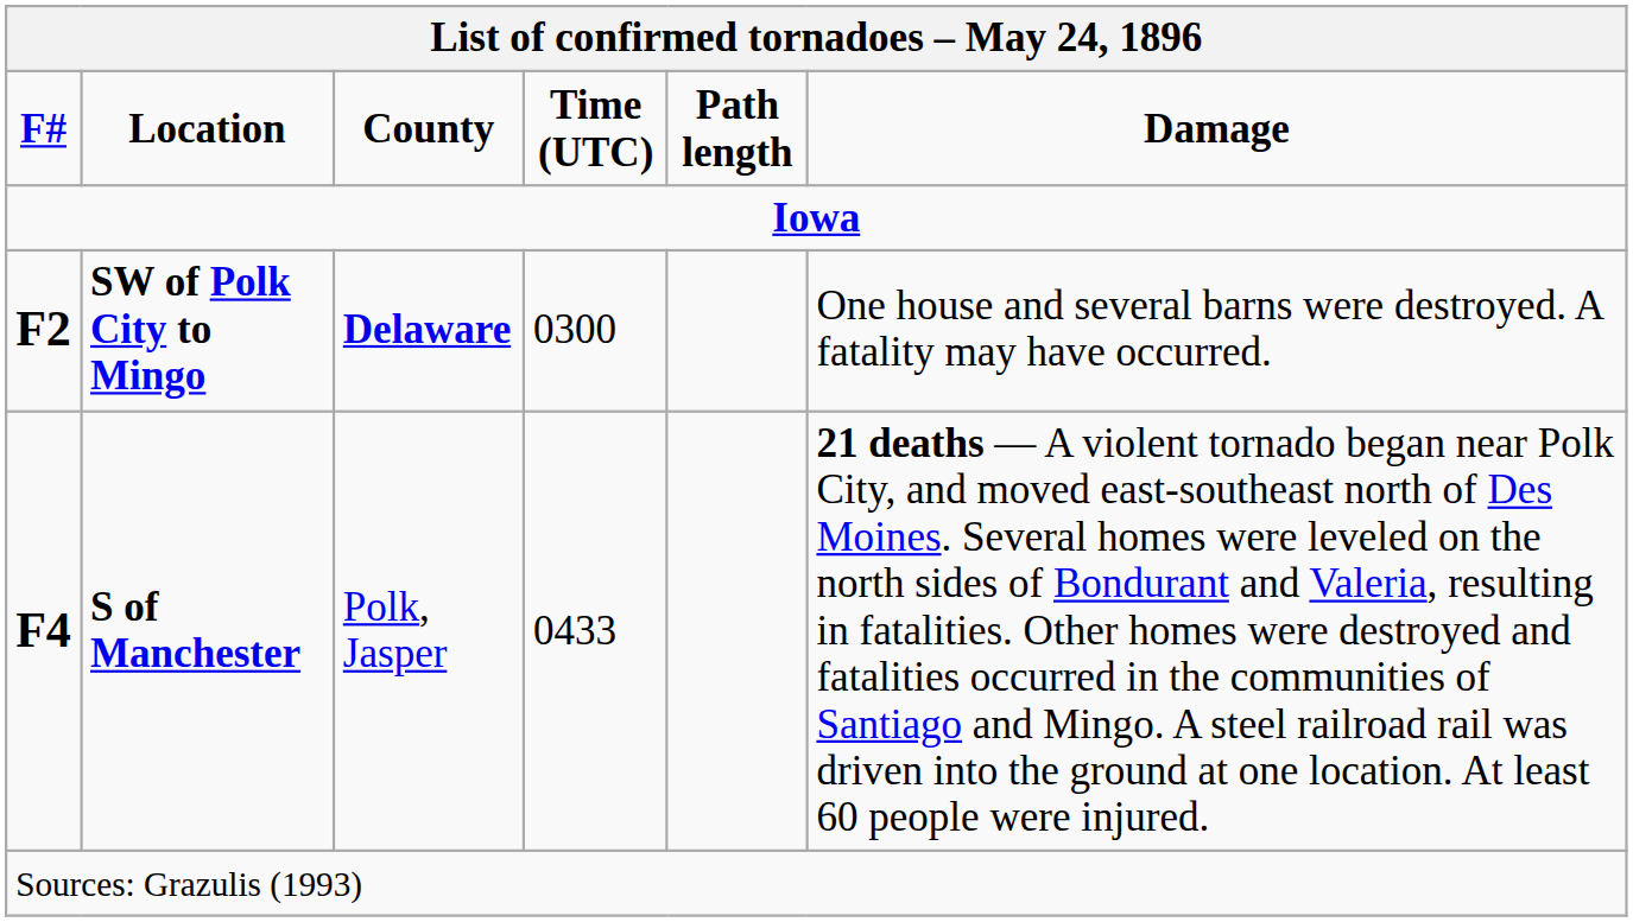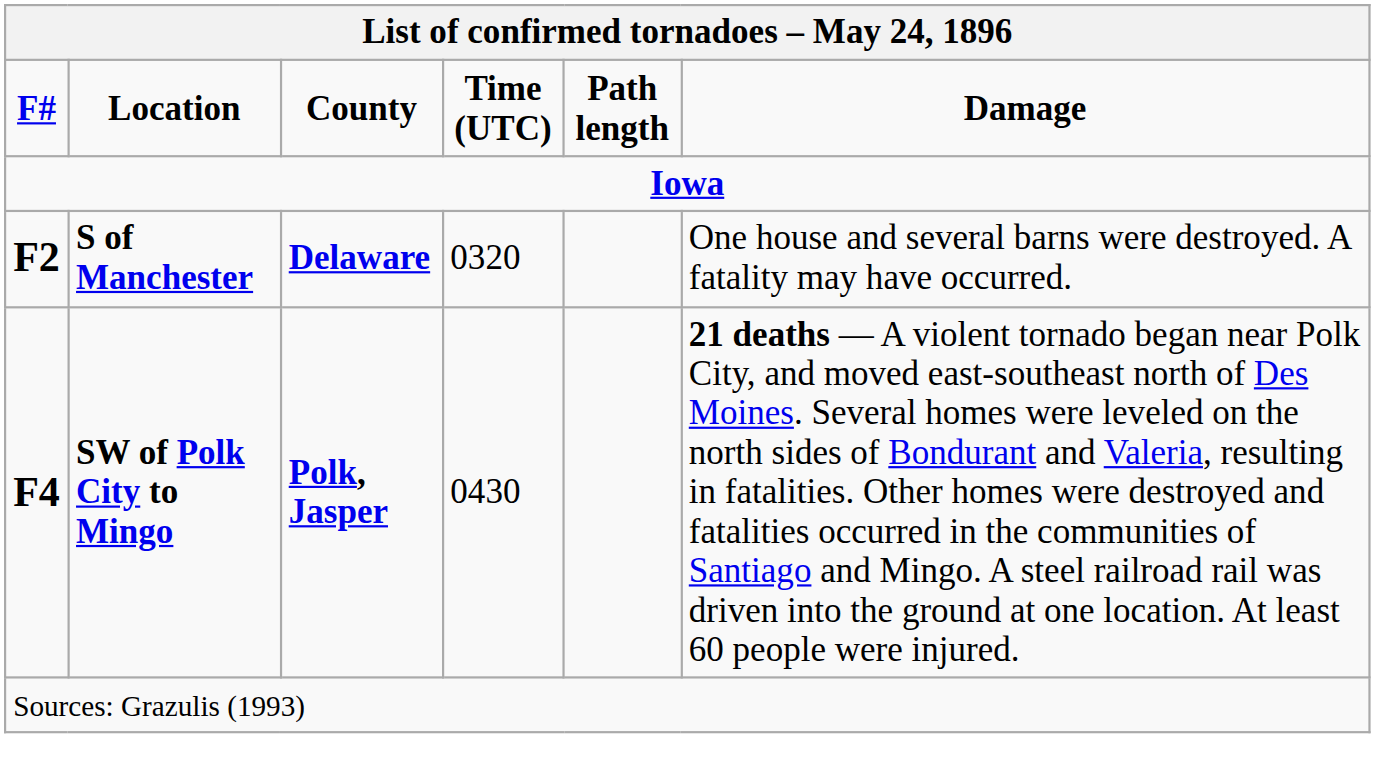 <table class="wikitable toccolours collapsible" style="width:100%;">
 <tr>
 <th colspan="6">List of confirmed tornadoes – May 24, 1896</th>
 </tr>
 <tr style="text-align:center;">
 <td><strong><a href='#'>F#</a></strong></td>
 <td><strong>Location</strong></td>
 <td><strong>County</strong></td>
 <td><strong>Time (UTC)</strong></td>
 <td><strong>Path length</strong></td>
 <td><strong>Damage</strong></td>
 </tr>
 <tr>
 <td colspan="7" style="text-align:center;"><strong><a href='#'>Iowa</a></strong></td>
 </tr>
 <tr>
 <td><big><strong>F2</strong></big></td>
-<td><strong>SW of <a href='#'>Polk City</a> to <a href='#'>Mingo</a></strong></td>
+<td><strong>S of <a href='#'>Manchester</a></strong></td>
 <td><strong><a href='#'>Delaware</a></strong></td>
-<td>0300</td>
+<td>0320</td>
 <td></td>
 <td>One house and several barns were destroyed. A fatality may have occurred.</td>
 </tr>
 <tr>
 <td><big><strong>F4</strong></big></td>
-<td><strong>S of <a href='#'>Manchester</a></strong></td>
-<td><a href='#'>Polk</a>, <a href='#'>Jasper</a></td>
-<td>0433</td>
+<td><strong>SW of <a href='#'>Polk City</a> to <a href='#'>Mingo</a></strong></td>
+<td><strong><a href='#'>Polk</a>, <a href='#'>Jasper</a></strong></td>
+<td>0430</td>
 <td></td>
 <td><strong>21 deaths</strong> — A violent tornado began near Polk City, and moved east-southeast north of <a href='#'>Des Moines</a>. Several homes were leveled on the north sides of <a href='#'>Bondurant</a> and <a href='#'>Valeria</a>, resulting in fatalities. Other homes were destroyed and fatalities occurred in the communities of <a href='#'>Santiago</a> and Mingo. A steel railroad rail was driven  into the ground at one location. At least 60 people were injured.</td>
 </tr>
 <tr>
 <td colspan="7"><small>Sources: Grazulis (1993)</small></td>
 </tr>
 </table>
